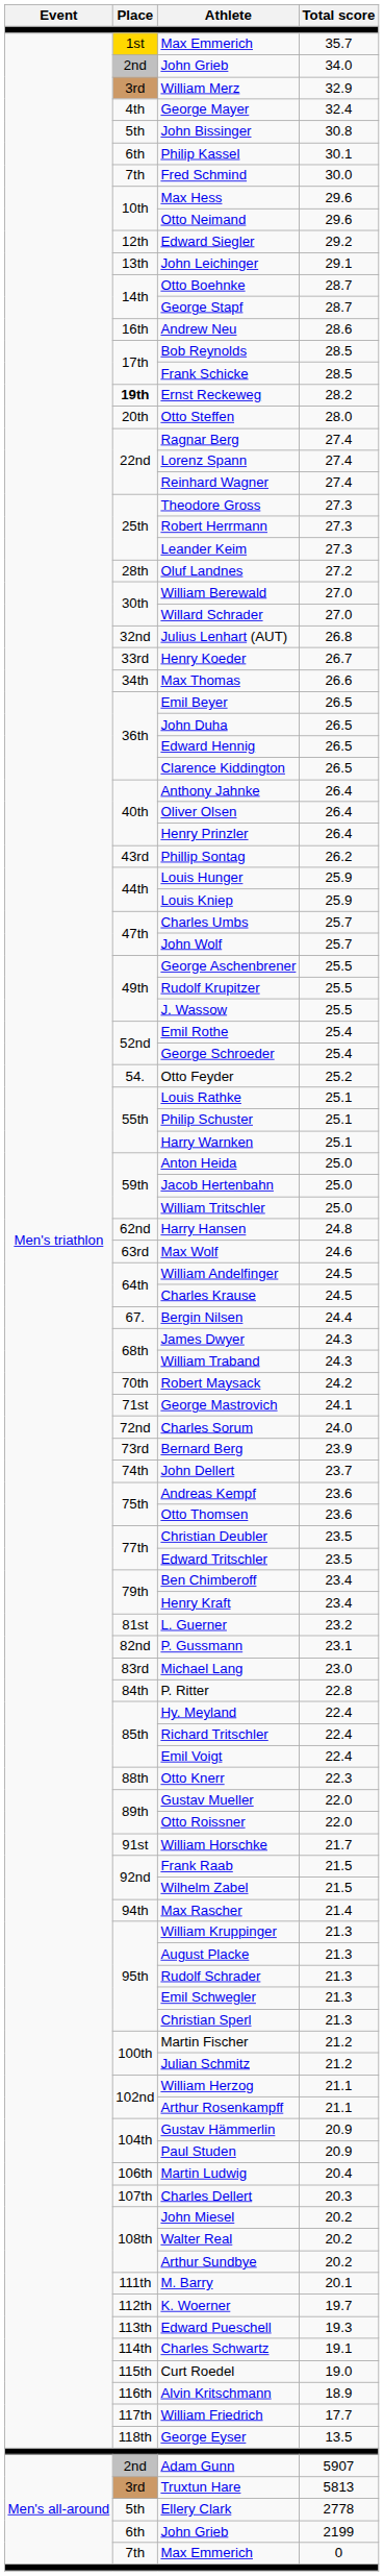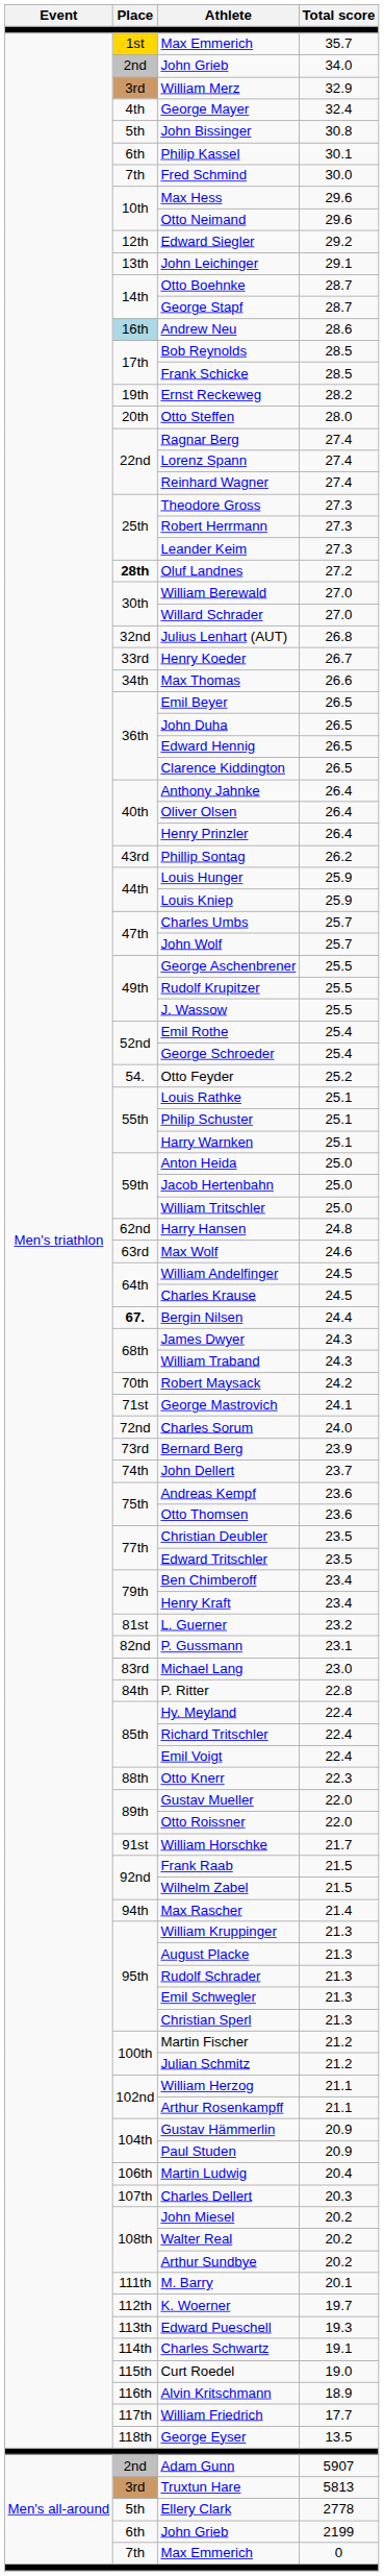 <table class=wikitable>
 <tr>
 <th>Event</th>
 <th>Place</th>
 <th>Athlete</th>
 <th>Total score</th>
 </tr>
 <tr bgcolor=black>
 <td colspan=4></td>
 </tr>
 <tr align=center>
 <td rowspan=110><a href='#'>Men's triathlon</a></td>
 <td bgcolor=gold>1st</td>
 <td align=left><a href='#'>Max Emmerich</a></td>
 <td>35.7</td>
 </tr>
 <tr align=center>
 <td bgcolor=silver>2nd</td>
 <td align=left><a href='#'>John Grieb</a></td>
 <td>34.0</td>
 </tr>
 <tr align=center>
 <td bgcolor=cc9966>3rd</td>
 <td align=left><a href='#'>William Merz</a></td>
 <td>32.9</td>
 </tr>
 <tr align=center>
 <td>4th</td>
 <td align=left><a href='#'>George Mayer</a></td>
 <td>32.4</td>
 </tr>
 <tr align=center>
 <td>5th</td>
 <td align=left><a href='#'>John Bissinger</a></td>
 <td>30.8</td>
 </tr>
 <tr align=center>
 <td>6th</td>
 <td align=left><a href='#'>Philip Kassel</a></td>
 <td>30.1</td>
 </tr>
 <tr align=center>
 <td>7th</td>
 <td align=left><a href='#'>Fred Schmind</a></td>
 <td>30.0</td>
 </tr>
 <tr align=center>
 <td rowspan=2>10th</td>
 <td align=left><a href='#'>Max Hess</a></td>
 <td>29.6</td>
 </tr>
 <tr align=center>
 <td align=left><a href='#'>Otto Neimand</a></td>
 <td>29.6</td>
 </tr>
 <tr align=center>
 <td>12th</td>
 <td align=left><a href='#'>Edward Siegler</a></td>
 <td>29.2</td>
 </tr>
 <tr align=center>
 <td>13th</td>
 <td align=left><a href='#'>John Leichinger</a></td>
 <td>29.1</td>
 </tr>
 <tr align=center>
 <td rowspan=2>14th</td>
 <td align=left><a href='#'>Otto Boehnke</a></td>
 <td>28.7</td>
 </tr>
 <tr align=center>
 <td align=left><a href='#'>George Stapf</a></td>
 <td>28.7</td>
 </tr>
 <tr align=center>
-<td>16th</td>
+<td style="background: lightblue;">16th</td>
 <td align=left><a href='#'>Andrew Neu</a></td>
 <td>28.6</td>
 </tr>
 <tr align=center>
 <td rowspan=2>17th</td>
 <td align=left><a href='#'>Bob Reynolds</a></td>
 <td>28.5</td>
 </tr>
 <tr align=center>
 <td align=left><a href='#'>Frank Schicke</a></td>
 <td>28.5</td>
 </tr>
 <tr align=center>
-<td><strong>19th</strong></td>
+<td>19th</td>
 <td align=left><a href='#'>Ernst Reckeweg</a></td>
 <td>28.2</td>
 </tr>
 <tr align=center>
 <td>20th</td>
 <td align=left><a href='#'>Otto Steffen</a></td>
 <td>28.0</td>
 </tr>
 <tr align=center>
 <td rowspan=3>22nd</td>
 <td align=left><a href='#'>Ragnar Berg</a></td>
 <td>27.4</td>
 </tr>
 <tr align=center>
 <td align=left><a href='#'>Lorenz Spann</a></td>
 <td>27.4</td>
 </tr>
 <tr align=center>
 <td align=left><a href='#'>Reinhard Wagner</a></td>
 <td>27.4</td>
 </tr>
 <tr align=center>
 <td rowspan=3>25th</td>
 <td align=left><a href='#'>Theodore Gross</a></td>
 <td>27.3</td>
 </tr>
 <tr align=center>
 <td align=left><a href='#'>Robert Herrmann</a></td>
 <td>27.3</td>
 </tr>
 <tr align=center>
 <td align=left><a href='#'>Leander Keim</a></td>
 <td>27.3</td>
 </tr>
 <tr align=center>
-<td>28th</td>
+<td><strong>28th</strong></td>
 <td align=left><a href='#'>Oluf Landnes</a></td>
 <td>27.2</td>
 </tr>
 <tr align=center>
 <td rowspan=2>30th</td>
 <td align=left><a href='#'>William Berewald</a></td>
 <td>27.0</td>
 </tr>
 <tr align=center>
 <td align=left><a href='#'>Willard Schrader</a></td>
 <td>27.0</td>
 </tr>
 <tr align=center>
 <td>32nd</td>
 <td align=left><a href='#'>Julius Lenhart</a> (AUT)</td>
 <td>26.8</td>
 </tr>
 <tr align=center>
 <td>33rd</td>
 <td align=left><a href='#'>Henry Koeder</a></td>
 <td>26.7</td>
 </tr>
 <tr align=center>
 <td>34th</td>
 <td align=left><a href='#'>Max Thomas</a></td>
 <td>26.6</td>
 </tr>
 <tr align=center>
 <td rowspan=4>36th</td>
 <td align=left><a href='#'>Emil Beyer</a></td>
 <td>26.5</td>
 </tr>
 <tr align=center>
 <td align=left><a href='#'>John Duha</a></td>
 <td>26.5</td>
 </tr>
 <tr align=center>
 <td align=left><a href='#'>Edward Hennig</a></td>
 <td>26.5</td>
 </tr>
 <tr align=center>
 <td align=left><a href='#'>Clarence Kiddington</a></td>
 <td>26.5</td>
 </tr>
 <tr align=center>
 <td rowspan=3>40th</td>
 <td align=left><a href='#'>Anthony Jahnke</a></td>
 <td>26.4</td>
 </tr>
 <tr align=center>
 <td align=left><a href='#'>Oliver Olsen</a></td>
 <td>26.4</td>
 </tr>
 <tr align=center>
 <td align=left><a href='#'>Henry Prinzler</a></td>
 <td>26.4</td>
 </tr>
 <tr align=center>
 <td>43rd</td>
 <td align=left><a href='#'>Phillip Sontag</a></td>
 <td>26.2</td>
 </tr>
 <tr align=center>
 <td rowspan=2>44th</td>
 <td align=left><a href='#'>Louis Hunger</a></td>
 <td>25.9</td>
 </tr>
 <tr align=center>
 <td align=left><a href='#'>Louis Kniep</a></td>
 <td>25.9</td>
 </tr>
 <tr align=center>
 <td rowspan=2>47th</td>
 <td align=left><a href='#'>Charles Umbs</a></td>
 <td>25.7</td>
 </tr>
 <tr align=center>
 <td align=left><a href='#'>John Wolf</a></td>
 <td>25.7</td>
 </tr>
 <tr align=center>
 <td rowspan=3>49th</td>
 <td align=left><a href='#'>George Aschenbrener</a></td>
 <td>25.5</td>
 </tr>
 <tr align=center>
 <td align=left><a href='#'>Rudolf Krupitzer</a></td>
 <td>25.5</td>
 </tr>
 <tr align=center>
 <td align=left><a href='#'>J. Wassow</a></td>
 <td>25.5</td>
 </tr>
 <tr align=center>
 <td rowspan=2>52nd</td>
 <td align=left><a href='#'>Emil Rothe</a></td>
 <td>25.4</td>
 </tr>
 <tr align=center>
 <td align=left><a href='#'>George Schroeder</a></td>
 <td>25.4</td>
 </tr>
 <tr align=center>
 <td>54.</td>
 <td align=left>Otto Feyder</td>
 <td>25.2</td>
 </tr>
 <tr align=center>
 <td rowspan=3>55th</td>
 <td align=left><a href='#'>Louis Rathke</a></td>
 <td>25.1</td>
 </tr>
 <tr align=center>
 <td align=left><a href='#'>Philip Schuster</a></td>
 <td>25.1</td>
 </tr>
 <tr align=center>
 <td align=left><a href='#'>Harry Warnken</a></td>
 <td>25.1</td>
 </tr>
 <tr align=center>
 <td rowspan=3>59th</td>
 <td align=left><a href='#'>Anton Heida</a></td>
 <td>25.0</td>
 </tr>
 <tr align=center>
 <td align=left><a href='#'>Jacob Hertenbahn</a></td>
 <td>25.0</td>
 </tr>
 <tr align=center>
 <td align=left><a href='#'>William Tritschler</a></td>
 <td>25.0</td>
 </tr>
 <tr align=center>
 <td>62nd</td>
 <td align=left><a href='#'>Harry Hansen</a></td>
 <td>24.8</td>
 </tr>
 <tr align=center>
 <td>63rd</td>
 <td align=left><a href='#'>Max Wolf</a></td>
 <td>24.6</td>
 </tr>
 <tr align=center>
 <td rowspan=2>64th</td>
 <td align=left><a href='#'>William Andelfinger</a></td>
 <td>24.5</td>
 </tr>
 <tr align=center>
 <td align=left><a href='#'>Charles Krause</a></td>
 <td>24.5</td>
 </tr>
 <tr align=center>
-<td>67.</td>
+<td><strong>67.</strong></td>
 <td align=left><a href='#'>Bergin Nilsen</a></td>
 <td>24.4</td>
 </tr>
 <tr align=center>
 <td rowspan=2>68th</td>
 <td align=left><a href='#'>James Dwyer</a></td>
 <td>24.3</td>
 </tr>
 <tr align=center>
 <td align=left><a href='#'>William Traband</a></td>
 <td>24.3</td>
 </tr>
 <tr align=center>
 <td>70th</td>
 <td align=left><a href='#'>Robert Maysack</a></td>
 <td>24.2</td>
 </tr>
 <tr align=center>
 <td>71st</td>
 <td align=left><a href='#'>George Mastrovich</a></td>
 <td>24.1</td>
 </tr>
 <tr align=center>
 <td>72nd</td>
 <td align=left><a href='#'>Charles Sorum</a></td>
 <td>24.0</td>
 </tr>
 <tr align=center>
 <td>73rd</td>
 <td align=left><a href='#'>Bernard Berg</a></td>
 <td>23.9</td>
 </tr>
 <tr align=center>
 <td>74th</td>
 <td align=left><a href='#'>John Dellert</a></td>
 <td>23.7</td>
 </tr>
 <tr align=center>
 <td rowspan=2>75th</td>
 <td align=left><a href='#'>Andreas Kempf</a></td>
 <td>23.6</td>
 </tr>
 <tr align=center>
 <td align=left><a href='#'>Otto Thomsen</a></td>
 <td>23.6</td>
 </tr>
 <tr align=center>
 <td rowspan=2>77th</td>
 <td align=left><a href='#'>Christian Deubler</a></td>
 <td>23.5</td>
 </tr>
 <tr align=center>
 <td align=left><a href='#'>Edward Tritschler</a></td>
 <td>23.5</td>
 </tr>
 <tr align=center>
 <td rowspan=2>79th</td>
 <td align=left><a href='#'>Ben Chimberoff</a></td>
 <td>23.4</td>
 </tr>
 <tr align=center>
 <td align=left><a href='#'>Henry Kraft</a></td>
 <td>23.4</td>
 </tr>
 <tr align=center>
 <td>81st</td>
 <td align=left><a href='#'>L. Guerner</a></td>
 <td>23.2</td>
 </tr>
 <tr align=center>
 <td>82nd</td>
 <td align=left><a href='#'>P. Gussmann</a></td>
 <td>23.1</td>
 </tr>
 <tr align=center>
 <td>83rd</td>
 <td align=left><a href='#'>Michael Lang</a></td>
 <td>23.0</td>
 </tr>
 <tr align=center>
 <td>84th</td>
 <td align=left>P. Ritter</td>
 <td>22.8</td>
 </tr>
 <tr align=center>
 <td rowspan=3>85th</td>
 <td align=left><a href='#'>Hy. Meyland</a></td>
 <td>22.4</td>
 </tr>
 <tr align=center>
 <td align=left><a href='#'>Richard Tritschler</a></td>
 <td>22.4</td>
 </tr>
 <tr align=center>
 <td align=left><a href='#'>Emil Voigt</a></td>
 <td>22.4</td>
 </tr>
 <tr align=center>
 <td>88th</td>
 <td align=left><a href='#'>Otto Knerr</a></td>
 <td>22.3</td>
 </tr>
 <tr align=center>
 <td rowspan=2>89th</td>
 <td align=left><a href='#'>Gustav Mueller</a></td>
 <td>22.0</td>
 </tr>
 <tr align=center>
 <td align=left><a href='#'>Otto Roissner</a></td>
 <td>22.0</td>
 </tr>
 <tr align=center>
 <td>91st</td>
 <td align=left><a href='#'>William Horschke</a></td>
 <td>21.7</td>
 </tr>
 <tr align=center>
 <td rowspan=2>92nd</td>
 <td align=left><a href='#'>Frank Raab</a></td>
 <td>21.5</td>
 </tr>
 <tr align=center>
 <td align=left><a href='#'>Wilhelm Zabel</a></td>
 <td>21.5</td>
 </tr>
 <tr align=center>
 <td>94th</td>
 <td align=left><a href='#'>Max Rascher</a></td>
 <td>21.4</td>
 </tr>
 <tr align=center>
 <td rowspan=5>95th</td>
 <td align=left><a href='#'>William Kruppinger</a></td>
 <td>21.3</td>
 </tr>
 <tr align=center>
 <td align=left><a href='#'>August Placke</a></td>
 <td>21.3</td>
 </tr>
 <tr align=center>
 <td align=left><a href='#'>Rudolf Schrader</a></td>
 <td>21.3</td>
 </tr>
 <tr align=center>
 <td align=left><a href='#'>Emil Schwegler</a></td>
 <td>21.3</td>
 </tr>
 <tr align=center>
 <td align=left><a href='#'>Christian Sperl</a></td>
 <td>21.3</td>
 </tr>
 <tr align=center>
 <td rowspan=2>100th</td>
 <td align=left>Martin Fischer</td>
 <td>21.2</td>
 </tr>
 <tr align=center>
 <td align=left><a href='#'>Julian Schmitz</a></td>
 <td>21.2</td>
 </tr>
 <tr align=center>
 <td rowspan=2>102nd</td>
 <td align=left><a href='#'>William Herzog</a></td>
 <td>21.1</td>
 </tr>
 <tr align=center>
 <td align=left><a href='#'>Arthur Rosenkampff</a></td>
 <td>21.1</td>
 </tr>
 <tr align=center>
 <td rowspan=2>104th</td>
 <td align=left><a href='#'>Gustav Hämmerlin</a></td>
 <td>20.9</td>
 </tr>
 <tr align=center>
 <td align=left><a href='#'>Paul Studen</a></td>
 <td>20.9</td>
 </tr>
 <tr align=center>
 <td>106th</td>
 <td align=left><a href='#'>Martin Ludwig</a></td>
 <td>20.4</td>
 </tr>
 <tr align=center>
 <td>107th</td>
 <td align=left><a href='#'>Charles Dellert</a></td>
 <td>20.3</td>
 </tr>
 <tr align=center>
 <td rowspan=3>108th</td>
 <td align=left><a href='#'>John Miesel</a></td>
 <td>20.2</td>
 </tr>
 <tr align=center>
 <td align=left><a href='#'>Walter Real</a></td>
 <td>20.2</td>
 </tr>
 <tr align=center>
 <td align=left><a href='#'>Arthur Sundbye</a></td>
 <td>20.2</td>
 </tr>
 <tr align=center>
 <td>111th</td>
 <td align=left><a href='#'>M. Barry</a></td>
 <td>20.1</td>
 </tr>
 <tr align=center>
 <td>112th</td>
 <td align=left><a href='#'>K. Woerner</a></td>
 <td>19.7</td>
 </tr>
 <tr align=center>
 <td>113th</td>
 <td align=left><a href='#'>Edward Pueschell</a></td>
 <td>19.3</td>
 </tr>
 <tr align=center>
 <td>114th</td>
 <td align=left><a href='#'>Charles Schwartz</a></td>
 <td>19.1</td>
 </tr>
 <tr align=center>
 <td>115th</td>
 <td align=left>Curt Roedel</td>
 <td>19.0</td>
 </tr>
 <tr align=center>
 <td>116th</td>
 <td align=left><a href='#'>Alvin Kritschmann</a></td>
 <td>18.9</td>
 </tr>
 <tr align=center>
 <td>117th</td>
 <td align=left><a href='#'>William Friedrich</a></td>
 <td>17.7</td>
 </tr>
 <tr align=center>
 <td>118th</td>
 <td align=left><a href='#'>George Eyser</a></td>
 <td>13.5</td>
 </tr>
 <tr bgcolor=black>
 <td colspan=4></td>
 </tr>
 <tr align=center>
 <td rowspan=5><a href='#'>Men's all-around</a></td>
 <td bgcolor=silver>2nd</td>
 <td align=left><a href='#'>Adam Gunn</a></td>
 <td>5907</td>
 </tr>
 <tr align=center>
 <td bgcolor=cc9966>3rd</td>
 <td align=left><a href='#'>Truxtun Hare</a></td>
 <td>5813</td>
 </tr>
 <tr align=center>
 <td>5th</td>
 <td align=left><a href='#'>Ellery Clark</a></td>
 <td>2778</td>
 </tr>
 <tr align=center>
 <td>6th</td>
 <td align=left><a href='#'>John Grieb</a></td>
 <td>2199</td>
 </tr>
 <tr align=center>
 <td>7th</td>
 <td align=left><a href='#'>Max Emmerich</a></td>
 <td>0</td>
 </tr>
 <tr bgcolor=black>
 <td colspan=4></td>
 </tr>
 </table>
